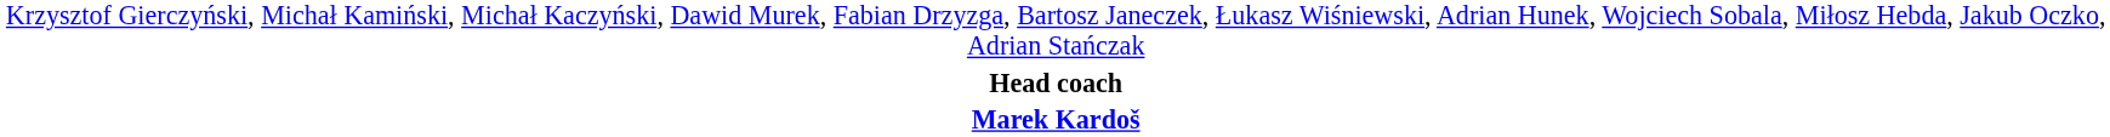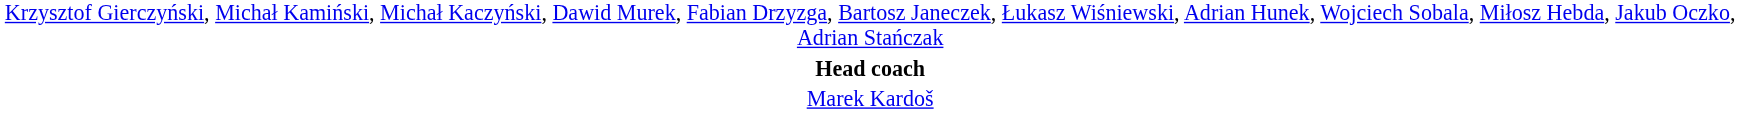 <table style="text-align: center; margin-top: 2em; margin-left: auto; margin-right: auto">
 <tr>
 <td><a href='#'>Krzysztof Gierczyński</a>, <a href='#'>Michał Kamiński</a>, <a href='#'>Michał Kaczyński</a>, <a href='#'>Dawid Murek</a>, <a href='#'>Fabian Drzyzga</a>, <a href='#'>Bartosz Janeczek</a>, <a href='#'>Łukasz Wiśniewski</a>, <a href='#'>Adrian Hunek</a>, <a href='#'>Wojciech Sobala</a>, <a href='#'>Miłosz Hebda</a>, <a href='#'>Jakub Oczko</a>, <a href='#'>Adrian Stańczak</a></td>
 </tr>
 <tr>
 <td><strong>Head coach</strong></td>
 </tr>
 <tr>
-<td><strong><a href='#'>Marek Kardoš</a></strong></td>
+<td><a href='#'>Marek Kardoš</a></td>
 </tr>
 </table>
